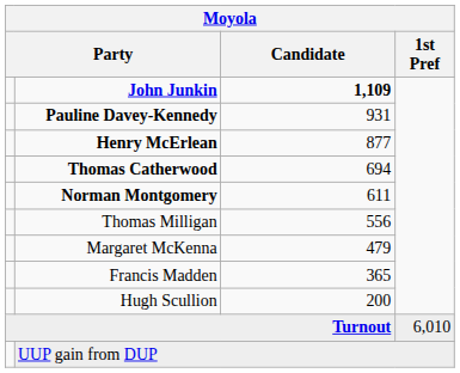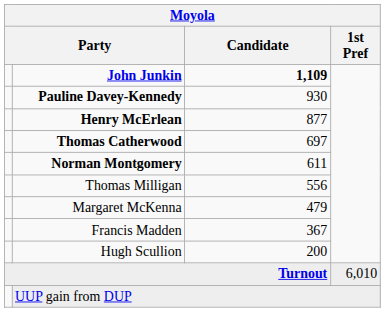 <table class="wikitable">
 <tr>
 <th colspan="4" align="center"><a href='#'>Moyola</a></th>
 </tr>
 <tr>
 <th colspan="2" align="center" width=200>Party</th>
 <th width=160>Candidate</th>
 <th width=50>1st Pref</th>
 </tr>
 <tr>
 <td></td>
 <td align="right"><strong><a href='#'>John Junkin</a></strong></td>
 <td align="right"><strong>1,109</strong></td>
 </tr>
 <tr>
 <td></td>
 <td align="right"><strong>Pauline Davey-Kennedy</strong></td>
-<td align="right">931</td>
+<td align="right">930</td>
 </tr>
 <tr>
 <td></td>
 <td align="right"><strong>Henry McErlean</strong></td>
 <td align="right">877</td>
 </tr>
 <tr>
 <td></td>
 <td align="right"><strong>Thomas Catherwood</strong></td>
-<td align="right">694</td>
+<td align="right">697</td>
 </tr>
 <tr>
 <td></td>
 <td align="right"><strong>Norman Montgomery</strong></td>
 <td align="right">611</td>
 </tr>
 <tr>
 <td></td>
 <td align="right">Thomas Milligan</td>
 <td align="right">556</td>
 </tr>
 <tr>
 <td></td>
 <td align="right">Margaret McKenna</td>
 <td align="right">479</td>
 </tr>
 <tr>
 <td></td>
 <td align="right">Francis Madden</td>
-<td align="right">365</td>
+<td align="right">367</td>
 </tr>
 <tr>
 <td></td>
 <td align="right">Hugh Scullion</td>
 <td align="right">200</td>
 </tr>
 <tr bgcolor="EEEEEE">
 <td colspan=3 align="right"><strong><a href='#'>Turnout</a></strong></td>
 <td align="right">6,010</td>
 </tr>
 <tr>
 <td style="color:inherit;background:"></td>
 <td colspan=3 bgcolor="EEEEEE"><a href='#'>UUP</a> gain from <a href='#'>DUP</a></td>
 </tr>
 </table>
